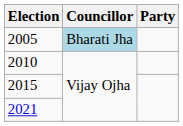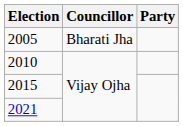 <table class="wikitable"ìÍĦĤĠčw>
 <tr>
 <th>Election</th>
 <th>Councillor</th>
 <th colspan=2>Party</th>
 </tr>
 <tr>
 <td>2005</td>
-<td style="background: lightblue;">Bharati Jha</td>
+<td>Bharati Jha</td>
 <td></td>
 </tr>
 <tr>
 <td>2010</td>
 <td rowspan=3>Vijay Ojha</td>
 <td></td>
 </tr>
 <tr>
 <td>2015</td>
 </tr>
 <tr>
 <td><a href='#'>2021</a></td>
 </tr>
 </table>
